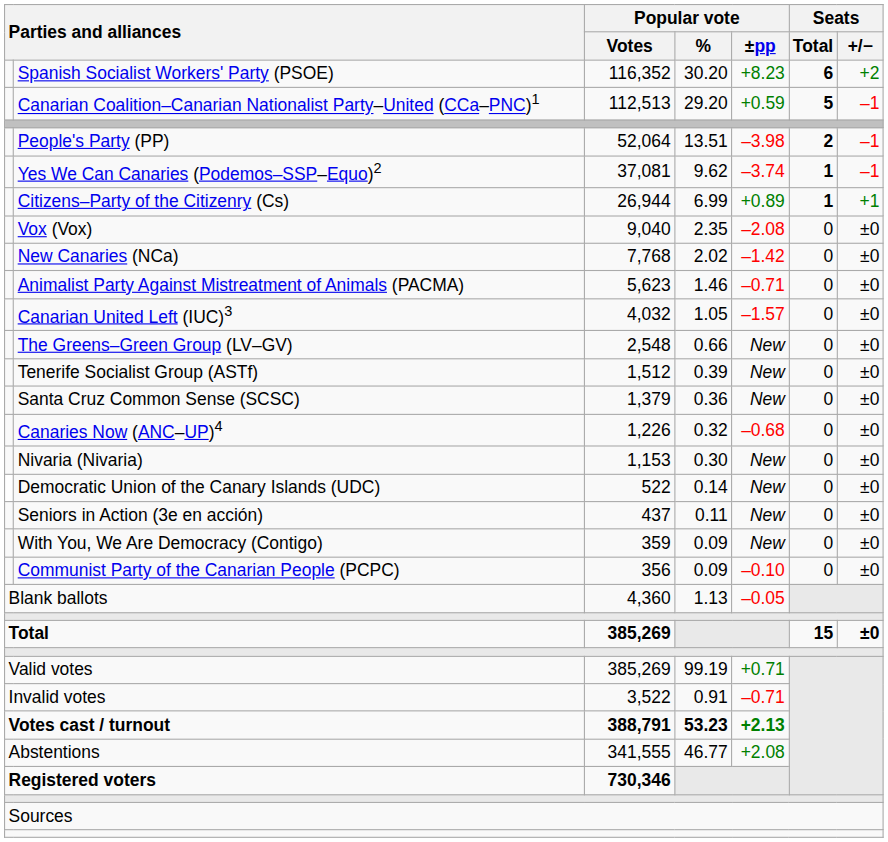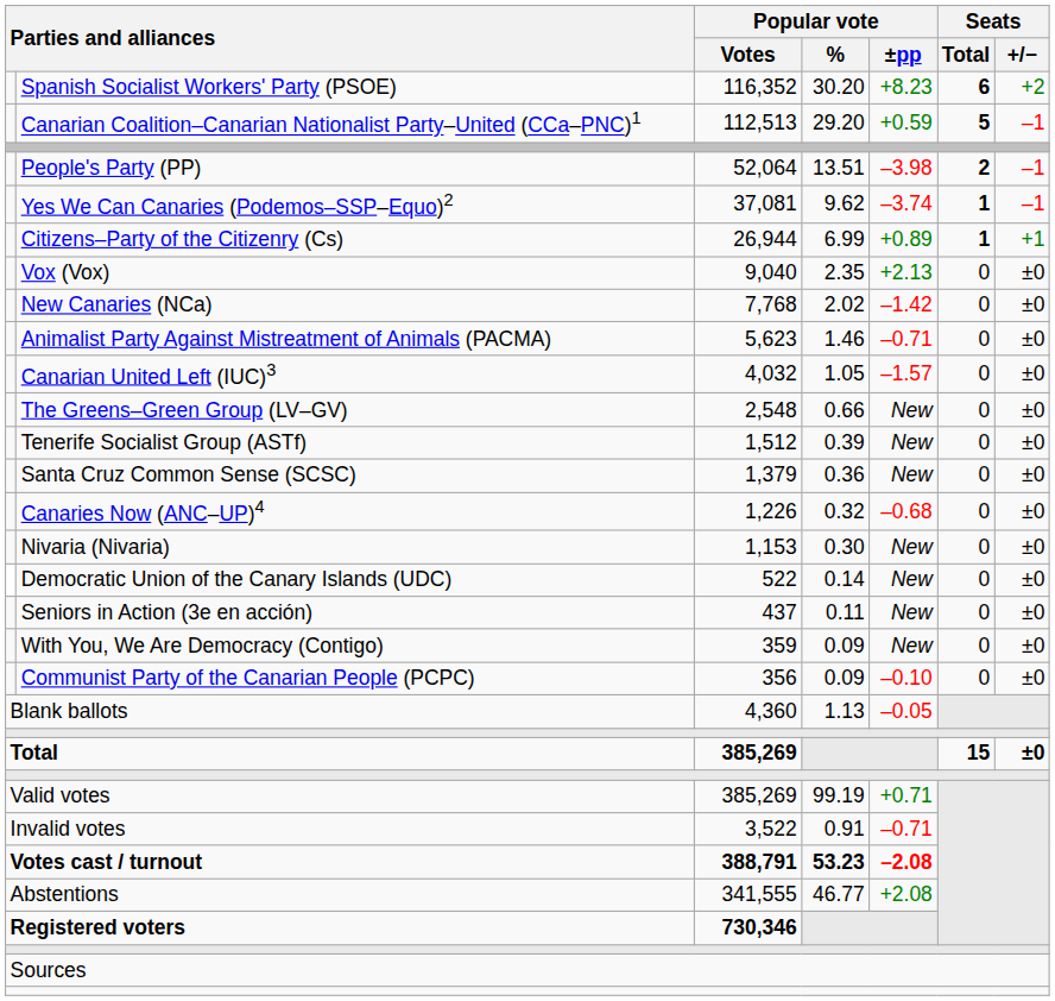 <table class="wikitable" style="text-align:right;">
 <tr>
 <th style="text-align:left;" rowspan="2" colspan="2" width="525">Parties and alliances</th>
 <th colspan="3">Popular vote</th>
 <th colspan="2">Seats</th>
 </tr>
 <tr>
 <th width="75">Votes</th>
 <th width="45">%</th>
 <th width="45">±<a href='#'>pp</a></th>
 <th width="35">Total</th>
 <th width="35">+/−</th>
 </tr>
 <tr>
 <td width="1" style="color:inherit;background:"></td>
 <td align="left"><a href='#'>Spanish Socialist Workers' Party</a> (PSOE)</td>
 <td>116,352</td>
 <td>30.20</td>
 <td style="color:green;">+8.23</td>
 <td><strong>6</strong></td>
 <td style="color:green;">+2</td>
 </tr>
 <tr>
 <td style="color:inherit;background:"></td>
 <td align="left"><a href='#'>Canarian Coalition–Canarian Nationalist Party</a>–<a href='#'>United</a> (<a href='#'>CCa</a>–<a href='#'>PNC</a>)<sup>1</sup></td>
 <td>112,513</td>
 <td>29.20</td>
 <td style="color:green;">+0.59</td>
 <td><strong>5</strong></td>
 <td style="color:red;">–1</td>
 </tr>
 <tr>
 <td colspan="7" bgcolor="#C0C0C0"></td>
 </tr>
 <tr>
 <td style="color:inherit;background:"></td>
 <td align="left"><a href='#'>People's Party</a> (PP)</td>
 <td>52,064</td>
 <td>13.51</td>
 <td style="color:red;">–3.98</td>
 <td><strong>2</strong></td>
 <td style="color:red;">–1</td>
 </tr>
 <tr>
 <td style="color:inherit;background:"></td>
 <td align="left"><a href='#'>Yes We Can Canaries</a> (<a href='#'>Podemos–SSP</a>–<a href='#'>Equo</a>)<sup>2</sup></td>
 <td>37,081</td>
 <td>9.62</td>
 <td style="color:red;">–3.74</td>
 <td><strong>1</strong></td>
 <td style="color:red;">–1</td>
 </tr>
 <tr>
 <td style="color:inherit;background:"></td>
 <td align="left"><a href='#'>Citizens–Party of the Citizenry</a> (Cs)</td>
 <td>26,944</td>
 <td>6.99</td>
 <td style="color:green;">+0.89</td>
 <td><strong>1</strong></td>
 <td style="color:green;">+1</td>
 </tr>
 <tr>
 <td style="color:inherit;background:"></td>
 <td align="left"><a href='#'>Vox</a> (Vox)</td>
 <td>9,040</td>
 <td>2.35</td>
-<td style="color:red;">–2.08</td>
+<td style="color:green;">+2.13</td>
 <td>0</td>
 <td>±0</td>
 </tr>
 <tr>
 <td style="color:inherit;background:"></td>
 <td align="left"><a href='#'>New Canaries</a> (NCa)</td>
 <td>7,768</td>
 <td>2.02</td>
 <td style="color:red;">–1.42</td>
 <td>0</td>
 <td>±0</td>
 </tr>
 <tr>
 <td style="color:inherit;background:"></td>
 <td align="left"><a href='#'>Animalist Party Against Mistreatment of Animals</a> (PACMA)</td>
 <td>5,623</td>
 <td>1.46</td>
 <td style="color:red;">–0.71</td>
 <td>0</td>
 <td>±0</td>
 </tr>
 <tr>
 <td style="color:inherit;background:"></td>
 <td align="left"><a href='#'>Canarian United Left</a> (IUC)<sup>3</sup></td>
 <td>4,032</td>
 <td>1.05</td>
 <td style="color:red;">–1.57</td>
 <td>0</td>
 <td>±0</td>
 </tr>
 <tr>
 <td style="color:inherit;background:"></td>
 <td align="left"><a href='#'>The Greens–Green Group</a> (LV–GV)</td>
 <td>2,548</td>
 <td>0.66</td>
 <td><em>New</em></td>
 <td>0</td>
 <td>±0</td>
 </tr>
 <tr>
 <td style="color:inherit;background:"></td>
 <td align="left">Tenerife Socialist Group (ASTf)</td>
 <td>1,512</td>
 <td>0.39</td>
 <td><em>New</em></td>
 <td>0</td>
 <td>±0</td>
 </tr>
 <tr>
 <td style="color:inherit;background:"></td>
 <td align="left">Santa Cruz Common Sense (SCSC)</td>
 <td>1,379</td>
 <td>0.36</td>
 <td><em>New</em></td>
 <td>0</td>
 <td>±0</td>
 </tr>
 <tr>
 <td style="color:inherit;background:"></td>
 <td align="left"><a href='#'>Canaries Now</a> (<a href='#'>ANC</a>–<a href='#'>UP</a>)<sup>4</sup></td>
 <td>1,226</td>
 <td>0.32</td>
 <td style="color:red;">–0.68</td>
 <td>0</td>
 <td>±0</td>
 </tr>
 <tr>
 <td style="color:inherit;background:"></td>
 <td align="left">Nivaria (Nivaria)</td>
 <td>1,153</td>
 <td>0.30</td>
 <td><em>New</em></td>
 <td>0</td>
 <td>±0</td>
 </tr>
 <tr>
 <td bgcolor="white"></td>
 <td align="left">Democratic Union of the Canary Islands (UDC)</td>
 <td>522</td>
 <td>0.14</td>
 <td><em>New</em></td>
 <td>0</td>
 <td>±0</td>
 </tr>
 <tr>
 <td style="color:inherit;background:"></td>
 <td align="left">Seniors in Action (3e en acción)</td>
 <td>437</td>
 <td>0.11</td>
 <td><em>New</em></td>
 <td>0</td>
 <td>±0</td>
 </tr>
 <tr>
 <td style="color:inherit;background:"></td>
 <td align="left">With You, We Are Democracy (Contigo)</td>
 <td>359</td>
 <td>0.09</td>
 <td><em>New</em></td>
 <td>0</td>
 <td>±0</td>
 </tr>
 <tr>
 <td style="color:inherit;background:"></td>
 <td align="left"><a href='#'>Communist Party of the Canarian People</a> (PCPC)</td>
 <td>356</td>
 <td>0.09</td>
 <td style="color:red;">–0.10</td>
 <td>0</td>
 <td>±0</td>
 </tr>
 <tr>
 <td align="left" colspan="2">Blank ballots</td>
 <td>4,360</td>
 <td>1.13</td>
 <td style="color:red;">–0.05</td>
 <td bgcolor="#E9E9E9" colspan="2"></td>
 </tr>
 <tr>
 <td colspan="7" bgcolor="#E9E9E9"></td>
 </tr>
 <tr style="font-weight:bold;">
 <td align="left" colspan="2">Total</td>
 <td>385,269</td>
 <td bgcolor="#E9E9E9" colspan="2"></td>
 <td>15</td>
 <td>±0</td>
 </tr>
 <tr>
 <td colspan="7" bgcolor="#E9E9E9"></td>
 </tr>
 <tr>
 <td align="left" colspan="2">Valid votes</td>
 <td>385,269</td>
 <td>99.19</td>
 <td style="color:green;">+0.71</td>
 <td bgcolor="#E9E9E9" colspan="2" rowspan="5"></td>
 </tr>
 <tr>
 <td align="left" colspan="2">Invalid votes</td>
 <td>3,522</td>
 <td>0.91</td>
 <td style="color:red;">–0.71</td>
 </tr>
 <tr style="font-weight:bold;">
 <td align="left" colspan="2">Votes cast / turnout</td>
 <td>388,791</td>
 <td>53.23</td>
-<td style="color:green;">+2.13</td>
+<td style="color:red;">–2.08</td>
 </tr>
 <tr>
 <td align="left" colspan="2">Abstentions</td>
 <td>341,555</td>
 <td>46.77</td>
 <td style="color:green;">+2.08</td>
 </tr>
 <tr style="font-weight:bold;">
 <td align="left" colspan="2">Registered voters</td>
 <td>730,346</td>
 <td bgcolor="#E9E9E9" colspan="2"></td>
 </tr>
 <tr>
 <td colspan="7" bgcolor="#E9E9E9"></td>
 </tr>
 <tr>
 <td align="left" colspan="7">Sources</td>
 </tr>
 <tr>
 <td colspan="9" style="text-align:left;font-size:95%;max-width:790px;"></td>
 </tr>
 </table>
